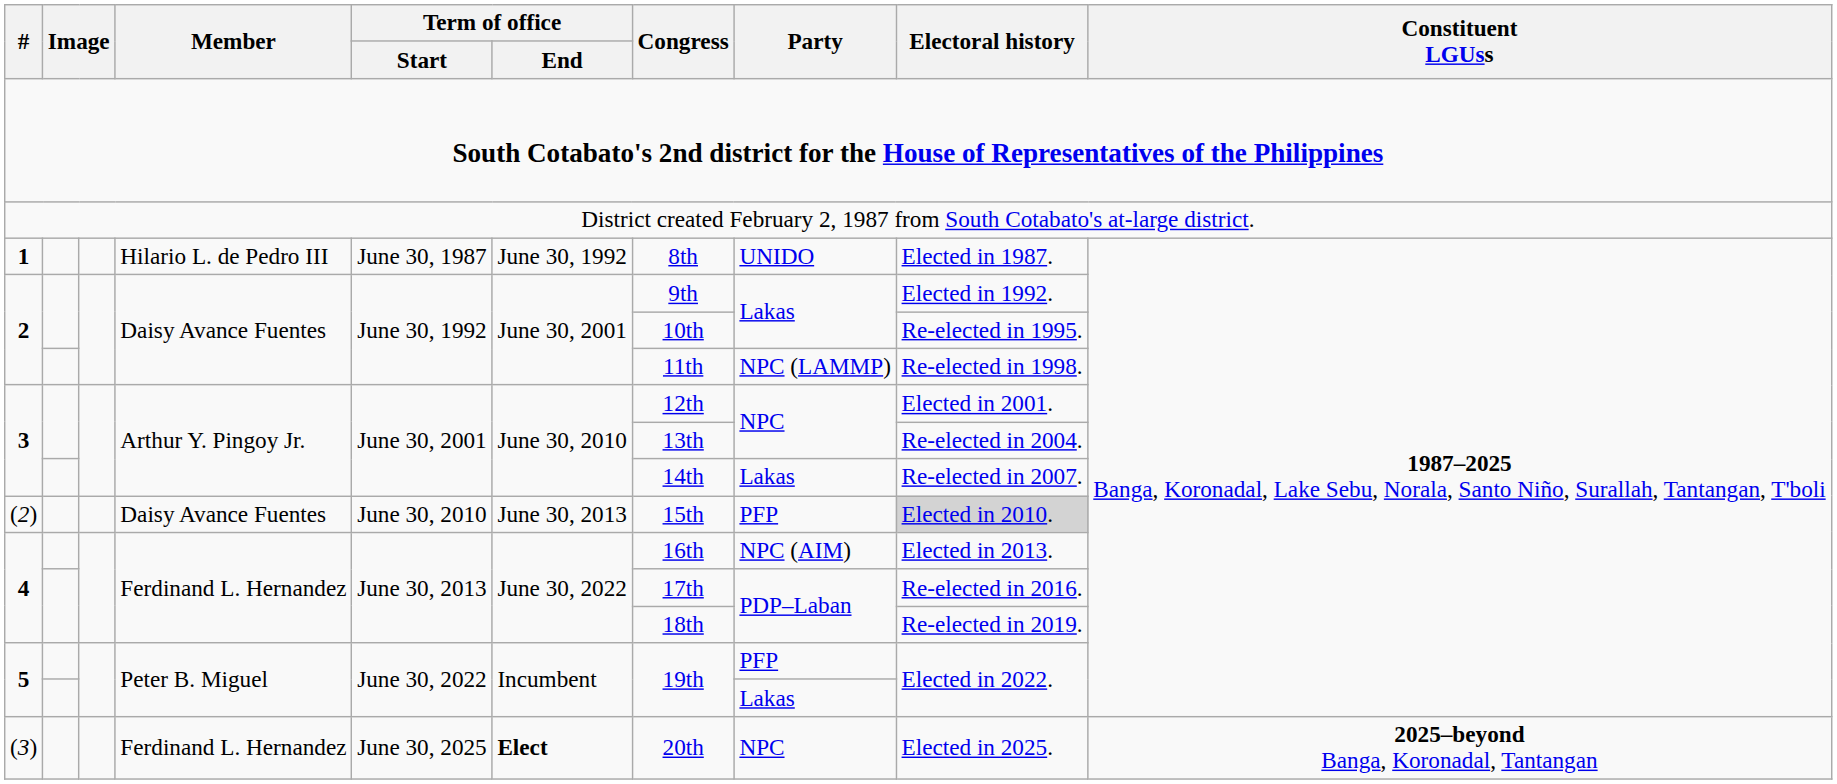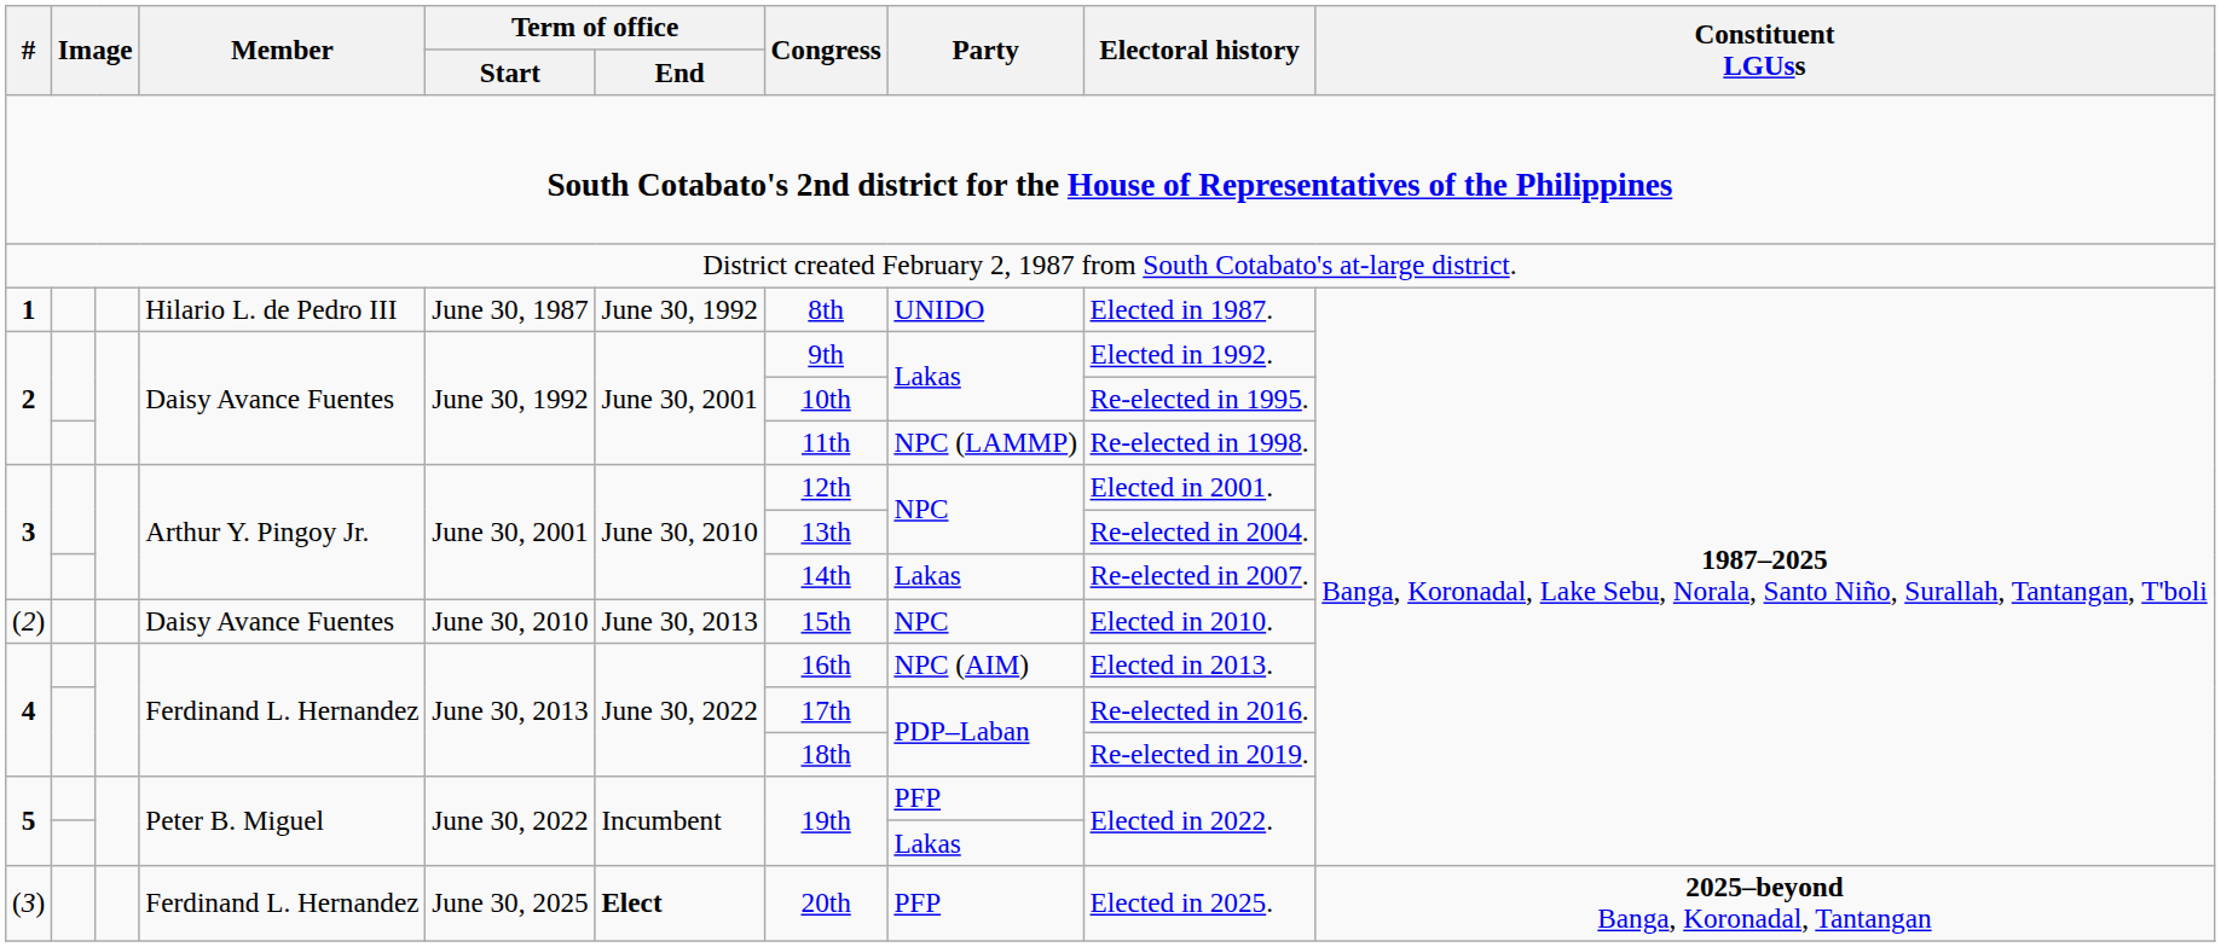 <table class=wikitable>
 <tr>
 <th rowspan="2">#</th>
 <th rowspan="2" colspan=2>Image</th>
 <th rowspan="2">Member</th>
 <th colspan=2>Term of office</th>
 <th rowspan="2">Congress</th>
 <th rowspan="2">Party</th>
 <th rowspan="2">Electoral history</th>
 <th rowspan="2">Constituent<br><a href='#'>LGUs</a>s</th>
 </tr>
 <tr>
 <th>Start</th>
 <th>End</th>
 </tr>
 <tr>
 <td colspan="10" style="text-align:center;"><br><h3>South Cotabato's 2nd district for the <a href='#'>House of Representatives of the Philippines</a></h3></td>
 </tr>
 <tr>
 <td colspan="10" style="text-align:center;">District created February 2, 1987 from <a href='#'>South Cotabato's at-large district</a>.</td>
 </tr>
 <tr>
 <td style="text-align:center;"><strong>1</strong></td>
 <td style="color:inherit;background:"></td>
 <td></td>
 <td>Hilario L. de Pedro III</td>
 <td>June 30, 1987</td>
 <td>June 30, 1992</td>
 <td style="text-align:center;"><a href='#'>8th</a></td>
 <td><a href='#'>UNIDO</a></td>
 <td><a href='#'>Elected in 1987</a>.</td>
 <td rowspan="13" style="text-align:center;"><strong>1987–2025</strong><br><a href='#'>Banga</a>, <a href='#'>Koronadal</a>, <a href='#'>Lake Sebu</a>, <a href='#'>Norala</a>, <a href='#'>Santo Niño</a>, <a href='#'>Surallah</a>, <a href='#'>Tantangan</a>, <a href='#'>T'boli</a></td>
 </tr>
 <tr>
 <td rowspan="3" style="text-align:center;"><strong>2</strong></td>
 <td rowspan="2" style="color:inherit;background:"></td>
 <td rowspan="3"></td>
 <td rowspan="3">Daisy Avance Fuentes</td>
 <td rowspan="3">June 30, 1992</td>
 <td rowspan="3">June 30, 2001</td>
 <td style="text-align:center;"><a href='#'>9th</a></td>
 <td rowspan="2"><a href='#'>Lakas</a></td>
 <td><a href='#'>Elected in 1992</a>.</td>
 </tr>
 <tr>
 <td style="text-align:center;"><a href='#'>10th</a></td>
 <td><a href='#'>Re-elected in 1995</a>.</td>
 </tr>
 <tr>
 <td style="color:inherit;background:"></td>
 <td style="text-align:center;"><a href='#'>11th</a></td>
 <td><a href='#'>NPC</a> (<a href='#'>LAMMP</a>)</td>
 <td><a href='#'>Re-elected in 1998</a>.</td>
 </tr>
 <tr>
 <td rowspan="3" style="text-align:center;"><strong>3</strong></td>
 <td rowspan="2" style="color:inherit;background:"></td>
 <td rowspan="3"></td>
 <td rowspan="3">Arthur Y. Pingoy Jr.</td>
 <td rowspan="3">June 30, 2001</td>
 <td rowspan="3">June 30, 2010</td>
 <td style="text-align:center;"><a href='#'>12th</a></td>
 <td rowspan="2"><a href='#'>NPC</a></td>
 <td><a href='#'>Elected in 2001</a>.</td>
 </tr>
 <tr>
 <td style="text-align:center;"><a href='#'>13th</a></td>
 <td><a href='#'>Re-elected in 2004</a>.</td>
 </tr>
 <tr>
 <td style="color:inherit;background:"></td>
 <td style="text-align:center;"><a href='#'>14th</a></td>
 <td><a href='#'>Lakas</a></td>
 <td><a href='#'>Re-elected in 2007</a>.</td>
 </tr>
 <tr>
 <td style="text-align:center;">(<em>2</em>)</td>
 <td style="color:inherit;background:"></td>
 <td></td>
 <td>Daisy Avance Fuentes</td>
 <td>June 30, 2010</td>
 <td>June 30, 2013</td>
 <td style="text-align:center;"><a href='#'>15th</a></td>
-<td><a href='#'>PFP</a></td>
-<td style="background: lightgrey;"><a href='#'>Elected in 2010</a>.</td>
+<td><a href='#'>NPC</a></td>
+<td><a href='#'>Elected in 2010</a>.</td>
 </tr>
 <tr>
 <td rowspan="3" style="text-align:center;"><strong>4</strong></td>
 <td style="color:inherit;background:"></td>
 <td rowspan="3"></td>
 <td rowspan="3">Ferdinand L. Hernandez</td>
 <td rowspan="3">June 30, 2013</td>
 <td rowspan="3">June 30, 2022</td>
 <td style="text-align:center;"><a href='#'>16th</a></td>
 <td><a href='#'>NPC</a> (<a href='#'>AIM</a>)</td>
 <td><a href='#'>Elected in 2013</a>.</td>
 </tr>
 <tr>
 <td rowspan="2" style="color:inherit;background:"></td>
 <td style="text-align:center;"><a href='#'>17th</a></td>
 <td rowspan="2"><a href='#'>PDP–Laban</a></td>
 <td><a href='#'>Re-elected in 2016</a>.</td>
 </tr>
 <tr>
 <td style="text-align:center;"><a href='#'>18th</a></td>
 <td><a href='#'>Re-elected in 2019</a>.</td>
 </tr>
 <tr>
 <td style="text-align:center;" rowspan=2><strong>5</strong></td>
 <td style="color:inherit;background:"></td>
 <td rowspan=2></td>
 <td rowspan=2>Peter B. Miguel</td>
 <td rowspan=2>June 30, 2022</td>
 <td rowspan=2>Incumbent</td>
 <td style="text-align:center;" rowspan=2><a href='#'>19th</a></td>
 <td><a href='#'>PFP</a></td>
 <td rowspan=2><a href='#'>Elected in 2022</a>.</td>
 </tr>
 <tr>
 <td style="color:inherit;background:"></td>
 <td><a href='#'>Lakas</a></td>
 </tr>
 <tr>
 <td style="text-align:center;">(<em>3</em>)</td>
 <td style="color:inherit;background:"></td>
 <td></td>
 <td>Ferdinand L. Hernandez</td>
 <td>June 30, 2025</td>
 <td><strong>Elect</strong></td>
 <td style="text-align:center;"><a href='#'>20th</a></td>
-<td><a href='#'>NPC</a></td>
+<td><a href='#'>PFP</a></td>
 <td><a href='#'>Elected in 2025</a>.</td>
 <td style="text-align:center;"><strong>2025–beyond</strong><br><a href='#'>Banga</a>, <a href='#'>Koronadal</a>, <a href='#'>Tantangan</a></td>
 </tr>
 </table>
